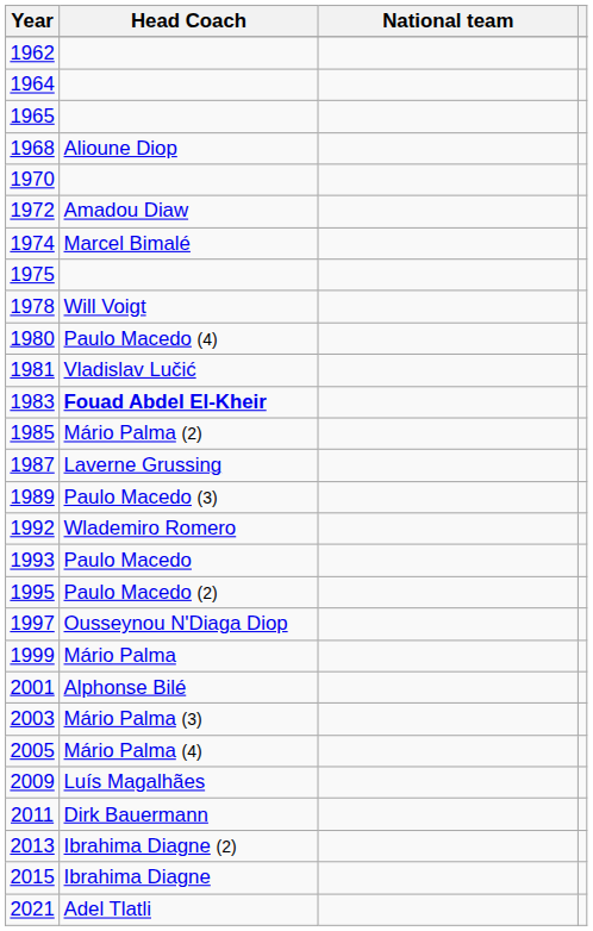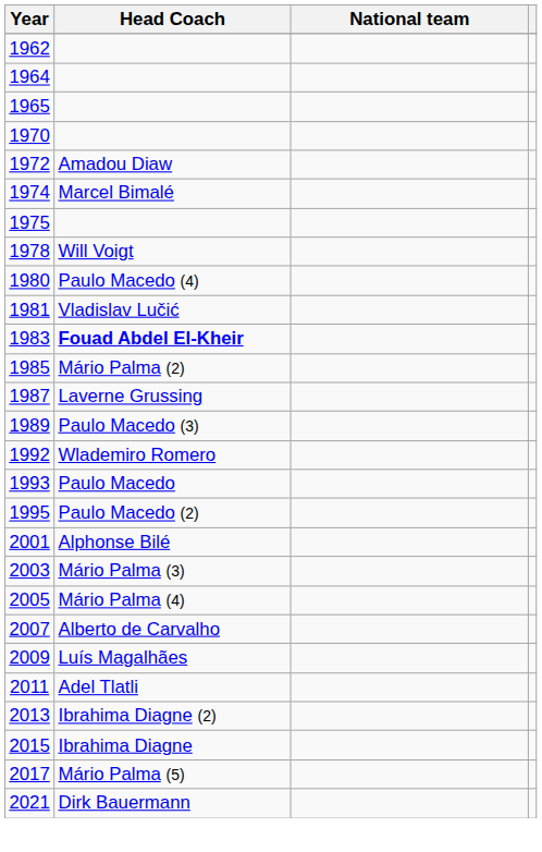 <table class="wikitable">
 <tr>
 <th>Year</th>
 <th style="width:200px">Head Coach</th>
 <th style="width:200px">National team</th>
 <th></th>
 </tr>
 <tr>
 </tr>
 <tr>
 <td style="text-align:center;"><a href='#'>1962</a></td>
 <td></td>
 <td></td>
 <td></td>
 </tr>
 <tr>
 <td style="text-align:center;"><a href='#'>1964</a></td>
 <td></td>
 <td></td>
 <td></td>
 </tr>
 <tr>
 <td style="text-align:center;"><a href='#'>1965</a></td>
 <td></td>
-<td></td>
-<td></td>
-</tr>
-<tr>
-<td style="text-align:center;"><a href='#'>1968</a></td>
-<td> <a href='#'>Alioune Diop</a></td>
 <td></td>
 <td></td>
 </tr>
 <tr>
 <td style="text-align:center;"><a href='#'>1970</a></td>
 <td></td>
 <td></td>
 <td></td>
 </tr>
 <tr>
 <td style="text-align:center;"><a href='#'>1972</a></td>
 <td> <a href='#'>Amadou Diaw</a></td>
 <td></td>
 <td></td>
 </tr>
 <tr>
 <td style="text-align:center;"><a href='#'>1974</a></td>
 <td> <a href='#'>Marcel Bimalé</a></td>
 <td></td>
 <td></td>
 </tr>
 <tr>
 <td style="text-align:center;"><a href='#'>1975</a></td>
 <td></td>
 <td></td>
 <td></td>
 </tr>
 <tr>
 <td style="text-align:center;"><a href='#'>1978</a></td>
 <td> <a href='#'>Will Voigt</a></td>
 <td></td>
 <td></td>
 </tr>
 <tr>
 <td style="text-align:center;"><a href='#'>1980</a></td>
 <td> <a href='#'>Paulo Macedo</a> <small>(4)</small></td>
 <td></td>
 <td></td>
 </tr>
 <tr>
 <td style="text-align:center;"><a href='#'>1981</a></td>
 <td> <a href='#'>Vladislav Lučić</a></td>
 <td></td>
 <td></td>
 </tr>
 <tr>
 <td style="text-align:center;"><a href='#'>1983</a></td>
 <td><strong> <a href='#'>Fouad Abdel El-Kheir</a></strong></td>
 <td></td>
 <td></td>
 </tr>
 <tr>
 <td style="text-align:center;"><a href='#'>1985</a></td>
 <td> <a href='#'>Mário Palma</a> <small>(2)</small></td>
 <td></td>
 <td></td>
 </tr>
 <tr>
 <td style="text-align:center;"><a href='#'>1987</a></td>
 <td> <a href='#'>Laverne Grussing</a></td>
 <td></td>
 <td></td>
 </tr>
 <tr>
 <td style="text-align:center;"><a href='#'>1989</a></td>
 <td> <a href='#'>Paulo Macedo</a> <small>(3)</small></td>
 <td></td>
 <td></td>
 </tr>
 <tr>
 <td style="text-align:center;"><a href='#'>1992</a></td>
 <td> <a href='#'>Wlademiro Romero</a></td>
 <td></td>
 <td></td>
 </tr>
 <tr>
 <td style="text-align:center;"><a href='#'>1993</a></td>
 <td> <a href='#'>Paulo Macedo</a></td>
 <td></td>
 <td></td>
 </tr>
 <tr>
 <td style="text-align:center;"><a href='#'>1995</a></td>
 <td> <a href='#'>Paulo Macedo</a> <small>(2)</small></td>
 <td></td>
 <td></td>
 </tr>
 <tr>
-<td style="text-align:center;"><a href='#'>1997</a></td>
-<td> <a href='#'>Ousseynou N'Diaga Diop</a></td>
-<td></td>
-<td></td>
-</tr>
-<tr>
-<td style="text-align:center;"><a href='#'>1999</a></td>
-<td> <a href='#'>Mário Palma</a></td>
-<td></td>
-<td></td>
-</tr>
-<tr>
 <td style="text-align:center;"><a href='#'>2001</a></td>
 <td> <a href='#'>Alphonse Bilé</a></td>
 <td></td>
 <td></td>
 </tr>
 <tr>
 <td style="text-align:center;"><a href='#'>2003</a></td>
 <td> <a href='#'>Mário Palma</a> <small>(3)</small></td>
 <td></td>
 <td></td>
 </tr>
 <tr>
 <td style="text-align:center;"><a href='#'>2005</a></td>
 <td> <a href='#'>Mário Palma</a> <small>(4)</small></td>
 <td></td>
 <td></td>
 </tr>
 <tr>
+<td style="text-align:center;"><a href='#'>2007</a></td>
+<td> <a href='#'>Alberto de Carvalho</a></td>
+<td></td>
+<td></td>
+</tr>
+<tr>
 <td style="text-align:center;"><a href='#'>2009</a></td>
 <td> <a href='#'>Luís Magalhães</a></td>
 <td></td>
 <td></td>
 </tr>
 <tr>
 <td style="text-align:center;"><a href='#'>2011</a></td>
-<td> <a href='#'>Dirk Bauermann</a></td>
+<td> <a href='#'>Adel Tlatli</a></td>
 <td></td>
 <td></td>
 </tr>
 <tr>
 <td style="text-align:center;"><a href='#'>2013</a></td>
 <td> <a href='#'>Ibrahima Diagne</a> <small>(2)</small></td>
 <td></td>
 <td></td>
 </tr>
 <tr>
 <td style="text-align:center;"><a href='#'>2015</a></td>
 <td> <a href='#'>Ibrahima Diagne</a></td>
 <td></td>
 <td></td>
 </tr>
 <tr>
+<td style="text-align:center;"><a href='#'>2017</a></td>
+<td> <a href='#'>Mário Palma</a> <small>(5)</small></td>
+<td></td>
+<td></td>
+</tr>
+<tr>
 <td style="text-align:center;"><a href='#'>2021</a></td>
-<td> <a href='#'>Adel Tlatli</a></td>
+<td> <a href='#'>Dirk Bauermann</a></td>
 <td></td>
 <td></td>
 </tr>
 </table>
